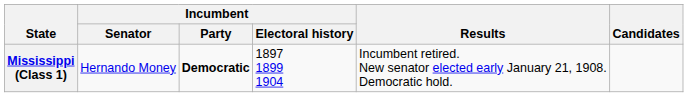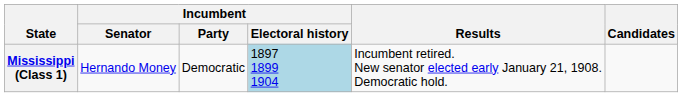 <table class=wikitable>
 <tr valign=bottom>
 <th rowspan=2>State</th>
 <th colspan=3>Incumbent</th>
 <th rowspan=2>Results</th>
 <th rowspan=2>Candidates</th>
 </tr>
 <tr valign=bottom>
 <th>Senator</th>
 <th>Party</th>
 <th>Electoral history</th>
 </tr>
 <tr>
 <th><a href='#'>Mississippi</a><br>(Class 1)</th>
 <td><a href='#'>Hernando Money</a></td>
-<td><strong>Democratic</strong></td>
-<td>1897 <br><a href='#'>1899</a><br><a href='#'>1904</a></td>
+<td>Democratic</td>
+<td style="background: lightblue;">1897 <br><a href='#'>1899</a><br><a href='#'>1904</a></td>
 <td>Incumbent retired.<br>New senator <a href='#'>elected early</a> January 21, 1908.<br>Democratic hold.</td>
 <td nowrap></td>
 </tr>
 </table>
